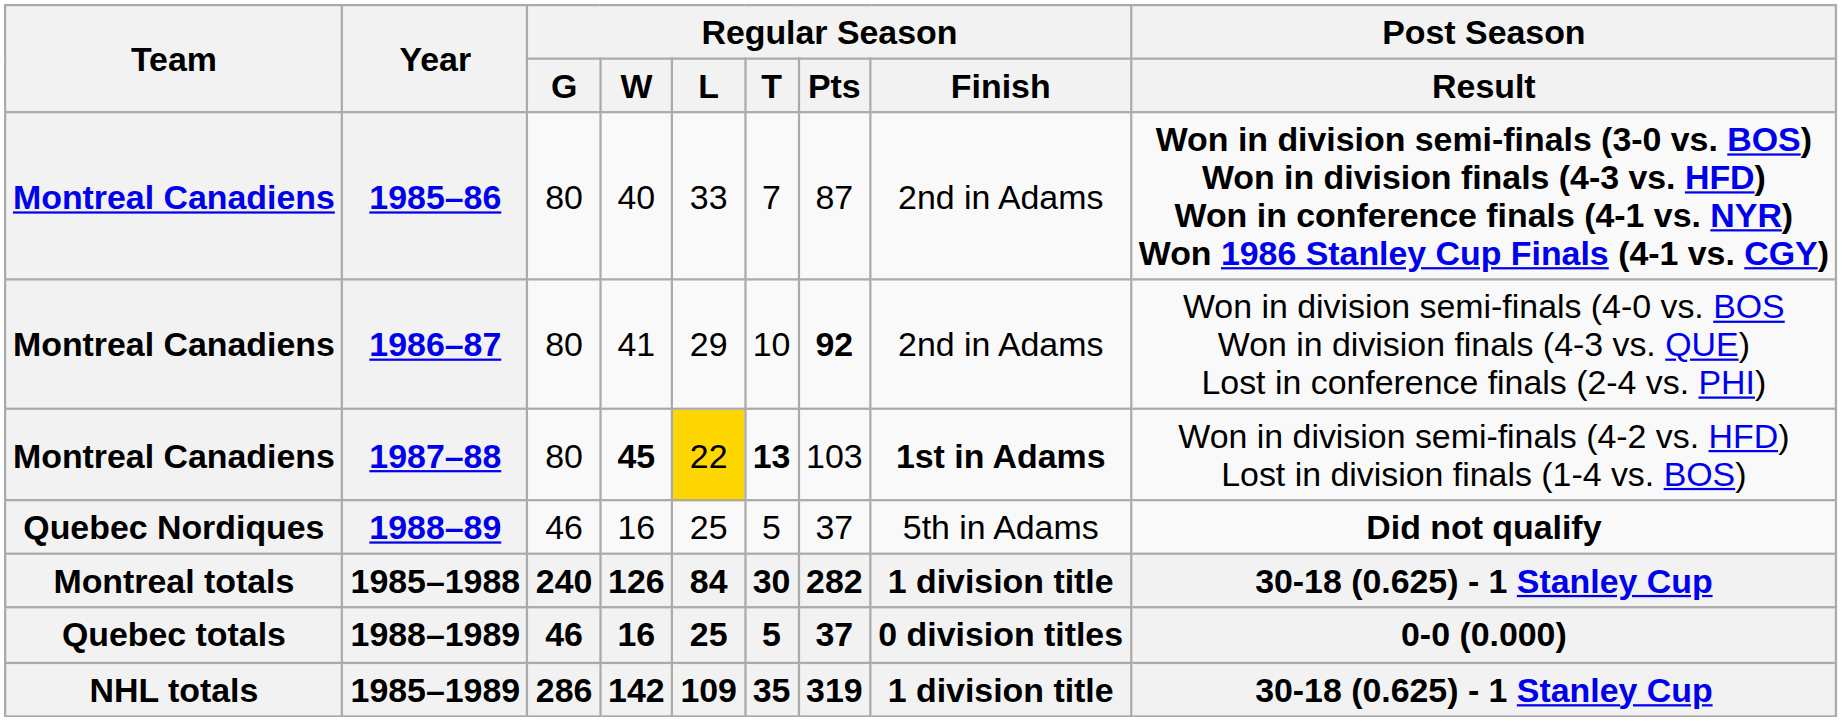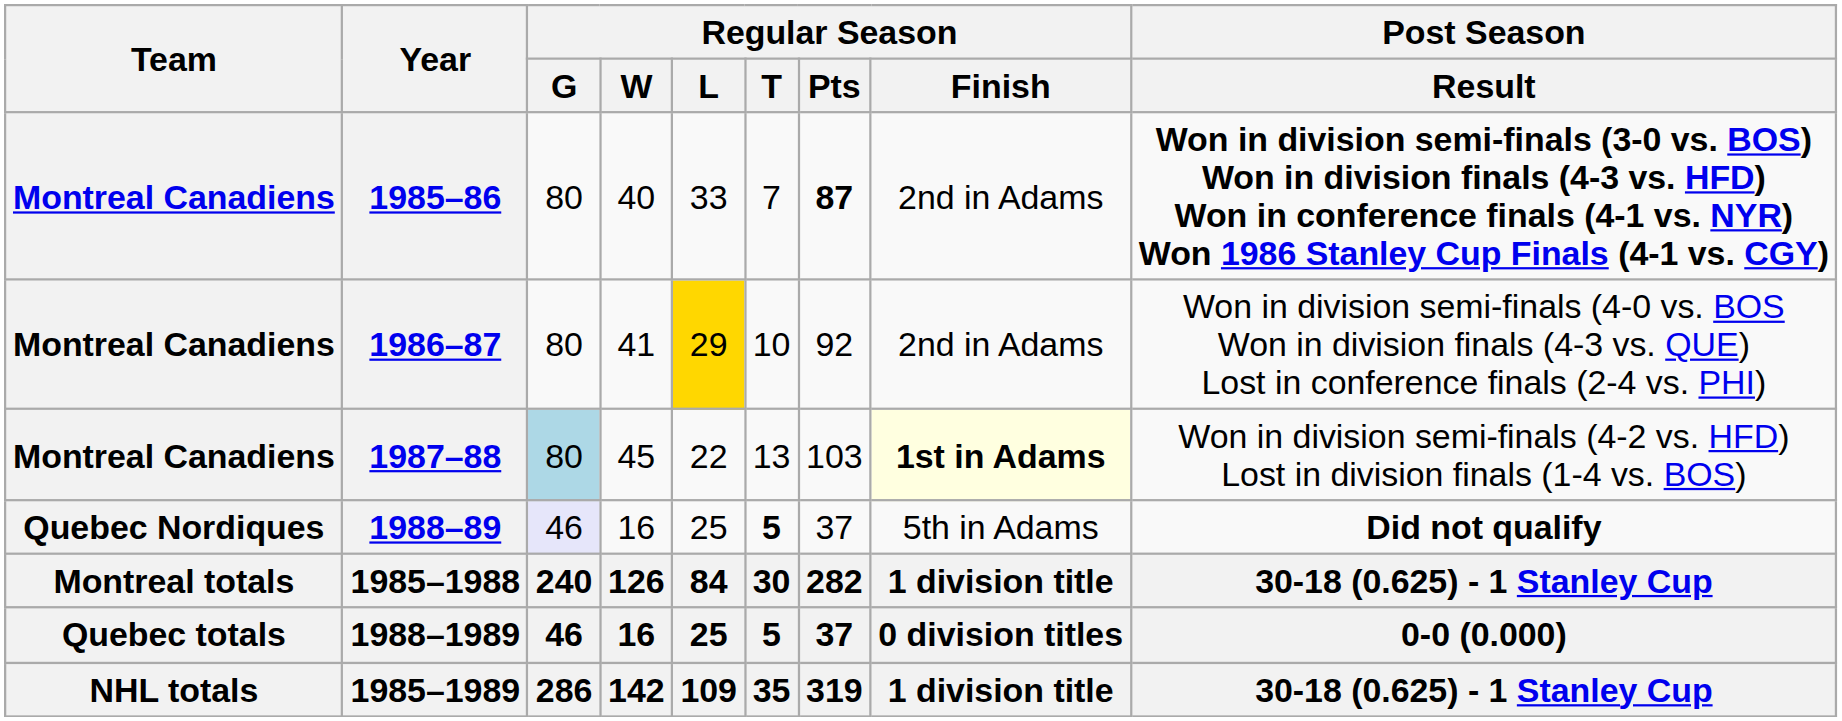 <table class="wikitable" style="font-size: 95%; text-align:center;">
 <tr>
 <th rowspan="2">Team</th>
 <th rowspan="2">Year</th>
 <th colspan="6">Regular Season</th>
 <th colspan="1">Post Season</th>
 </tr>
 <tr>
 <th>G</th>
 <th>W</th>
 <th>L</th>
 <th>T</th>
 <th>Pts</th>
 <th>Finish</th>
 <th>Result</th>
 </tr>
 <tr>
 <th><a href='#'>Montreal Canadiens</a></th>
 <th><a href='#'>1985–86</a></th>
 <td>80</td>
 <td>40</td>
 <td>33</td>
 <td>7</td>
-<td>87</td>
+<td><strong>87</strong></td>
 <td>2nd in Adams</td>
 <td><strong>Won in division semi-finals (3-0 vs. <a href='#'>BOS</a>)</strong><br><strong>Won in division finals (4-3 vs. <a href='#'>HFD</a>)</strong><br><strong>Won in conference finals (4-1 vs. <a href='#'>NYR</a>)</strong><br><strong>Won <a href='#'>1986 Stanley Cup Finals</a> (4-1 vs. <a href='#'>CGY</a>)</strong></td>
 </tr>
 <tr>
 <th>Montreal Canadiens</th>
 <th><a href='#'>1986–87</a></th>
 <td>80</td>
 <td>41</td>
-<td>29</td>
+<td style="background: gold;">29</td>
 <td>10</td>
-<td><strong>92</strong></td>
+<td>92</td>
 <td>2nd in Adams</td>
 <td>Won in division semi-finals (4-0 vs. <a href='#'>BOS</a> <br> Won in division finals (4-3 vs. <a href='#'>QUE</a>) <br> Lost in conference finals (2-4 vs. <a href='#'>PHI</a>)</td>
 </tr>
 <tr>
 <th>Montreal Canadiens</th>
 <th><a href='#'>1987–88</a></th>
-<td>80</td>
-<td><strong>45</strong></td>
-<td style="background: gold;">22</td>
-<td><strong>13</strong></td>
+<td style="background: lightblue;">80</td>
+<td>45</td>
+<td>22</td>
+<td>13</td>
 <td>103</td>
-<td><strong>1st in Adams</strong></td>
+<td style="background: lightyellow;"><strong>1st in Adams</strong></td>
 <td>Won in division semi-finals (4-2 vs. <a href='#'>HFD</a>) <br> Lost in division finals (1-4 vs. <a href='#'>BOS</a>)</td>
 </tr>
 <tr>
 <th>Quebec Nordiques</th>
 <th><a href='#'>1988–89</a></th>
-<td>46</td>
+<td style="background: lavender;">46</td>
 <td>16</td>
 <td>25</td>
-<td>5</td>
+<td><strong>5</strong></td>
 <td>37</td>
 <td>5th in Adams</td>
 <td><strong>Did not qualify</strong></td>
 </tr>
 <tr align="centre" bgcolor="#dddddd">
 <th>Montreal totals</th>
 <th>1985–1988</th>
 <th>240</th>
 <th>126</th>
 <th>84</th>
 <th>30</th>
 <th>282</th>
 <th>1 division title</th>
 <th>30-18 (0.625) - 1 <a href='#'>Stanley Cup</a></th>
 </tr>
 <tr align="centre" bgcolor="#dddddd">
 <th>Quebec totals</th>
 <th>1988–1989</th>
 <th>46</th>
 <th>16</th>
 <th>25</th>
 <th>5</th>
 <th>37</th>
 <th>0 division titles</th>
 <th>0-0 (0.000)</th>
 </tr>
 <tr align="centre" bgcolor="#dddddd">
 <th>NHL totals</th>
 <th>1985–1989</th>
 <th>286</th>
 <th>142</th>
 <th>109</th>
 <th>35</th>
 <th>319</th>
 <th>1 division title</th>
 <th>30-18 (0.625) - 1 <a href='#'>Stanley Cup</a></th>
 </tr>
 </table>
